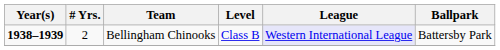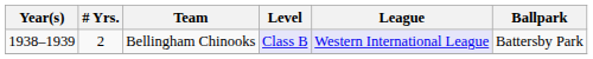 <table class="wikitable" style="text-align:center; font-size: 95%;">
 <tr>
 <th>Year(s)</th>
 <th># Yrs.</th>
 <th>Team</th>
 <th>Level</th>
 <th>League</th>
 <th>Ballpark</th>
 </tr>
 <tr>
-<td><strong>1938–1939</strong></td>
+<td>1938–1939</td>
 <td>2</td>
 <td>Bellingham Chinooks</td>
-<td><a href='#'>Class B</a></td>
+<td style="background: lavender;"><a href='#'>Class B</a></td>
 <td style="background: lavender;"><a href='#'>Western International League</a></td>
 <td>Battersby Park</td>
 </tr>
 <tr>
 </tr>
 </table>
